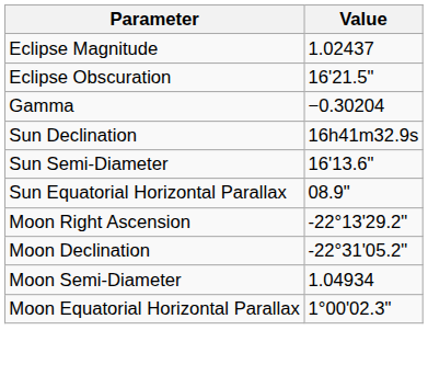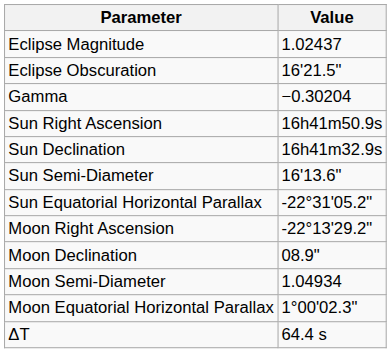 <table class="wikitable">
 <tr>
 <th>Parameter</th>
 <th>Value</th>
 </tr>
 <tr>
 <td>Eclipse Magnitude</td>
 <td>1.02437</td>
 </tr>
 <tr>
 <td>Eclipse Obscuration</td>
 <td>16'21.5"</td>
 </tr>
 <tr>
 <td>Gamma</td>
 <td>−0.30204</td>
 </tr>
 <tr>
+<td>Sun Right Ascension</td>
+<td>16h41m50.9s</td>
+</tr>
+<tr>
 <td>Sun Declination</td>
 <td>16h41m32.9s</td>
 </tr>
 <tr>
 <td>Sun Semi-Diameter</td>
 <td>16'13.6"</td>
 </tr>
 <tr>
 <td>Sun Equatorial Horizontal Parallax</td>
-<td>08.9"</td>
+<td>-22°31'05.2"</td>
 </tr>
 <tr>
 <td>Moon Right Ascension</td>
 <td>-22°13'29.2"</td>
 </tr>
 <tr>
 <td>Moon Declination</td>
-<td>-22°31'05.2"</td>
+<td>08.9"</td>
 </tr>
 <tr>
 <td>Moon Semi-Diameter</td>
 <td>1.04934</td>
 </tr>
 <tr>
 <td>Moon Equatorial Horizontal Parallax</td>
 <td>1°00'02.3"</td>
 </tr>
+<tr>
+<td>ΔT</td>
+<td>64.4 s</td>
+</tr>
 </table>
